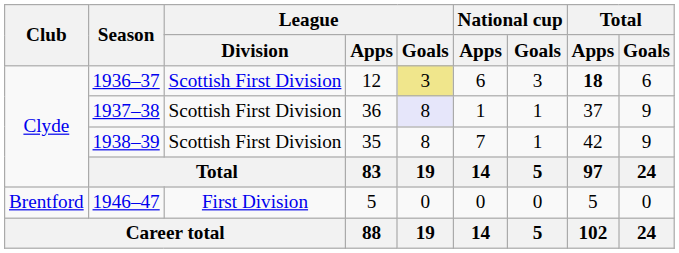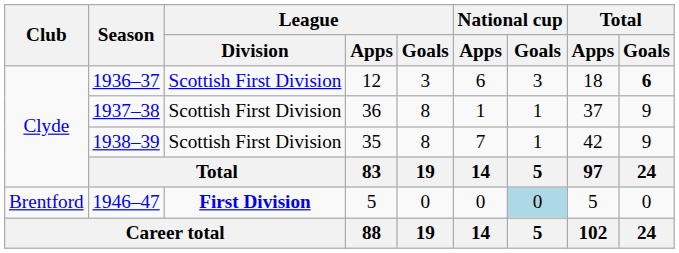 <table class="wikitable" style="text-align: center;">
 <tr>
 <th rowspan="2">Club</th>
 <th rowspan="2">Season</th>
 <th colspan="3">League</th>
 <th colspan="2">National cup</th>
 <th colspan="2">Total</th>
 </tr>
 <tr>
 <th>Division</th>
 <th>Apps</th>
 <th>Goals</th>
 <th>Apps</th>
 <th>Goals</th>
 <th>Apps</th>
 <th>Goals</th>
 </tr>
 <tr>
 <td rowspan="4"><a href='#'>Clyde</a></td>
 <td><a href='#'>1936–37</a></td>
 <td><a href='#'>Scottish First Division</a></td>
 <td>12</td>
-<td style="background: khaki;">3</td>
+<td>3</td>
 <td>6</td>
 <td>3</td>
-<td><strong>18</strong></td>
-<td>6</td>
+<td>18</td>
+<td><strong>6</strong></td>
 </tr>
 <tr>
 <td><a href='#'>1937–38</a></td>
 <td>Scottish First Division</td>
 <td>36</td>
-<td style="background: lavender;">8</td>
+<td>8</td>
 <td>1</td>
 <td>1</td>
 <td>37</td>
 <td>9</td>
 </tr>
 <tr>
 <td><a href='#'>1938–39</a></td>
 <td>Scottish First Division</td>
 <td>35</td>
 <td>8</td>
 <td>7</td>
 <td>1</td>
 <td>42</td>
 <td>9</td>
 </tr>
 <tr>
 <th colspan="2">Total</th>
 <th>83</th>
 <th>19</th>
 <th>14</th>
 <th>5</th>
 <th>97</th>
 <th>24</th>
 </tr>
 <tr>
 <td><a href='#'>Brentford</a></td>
 <td><a href='#'>1946–47</a></td>
-<td><a href='#'>First Division</a></td>
+<td><strong><a href='#'>First Division</a></strong></td>
 <td>5</td>
 <td>0</td>
 <td>0</td>
-<td>0</td>
+<td style="background: lightblue;">0</td>
 <td>5</td>
 <td>0</td>
 </tr>
 <tr>
 <th colspan="3">Career total</th>
 <th>88</th>
 <th>19</th>
 <th>14</th>
 <th>5</th>
 <th>102</th>
 <th>24</th>
 </tr>
 </table>
